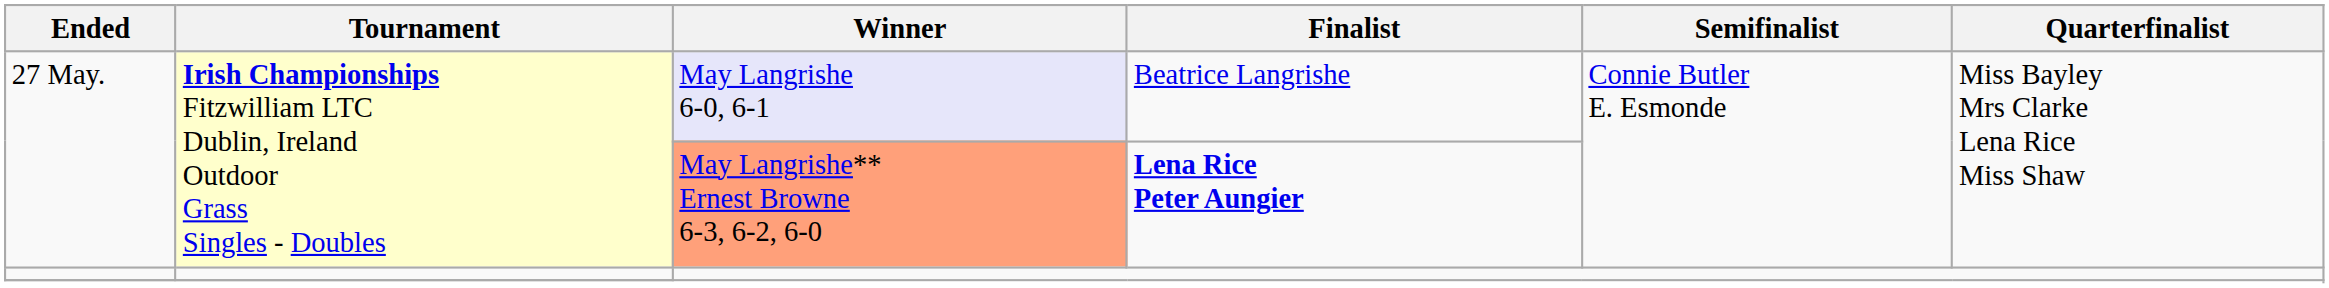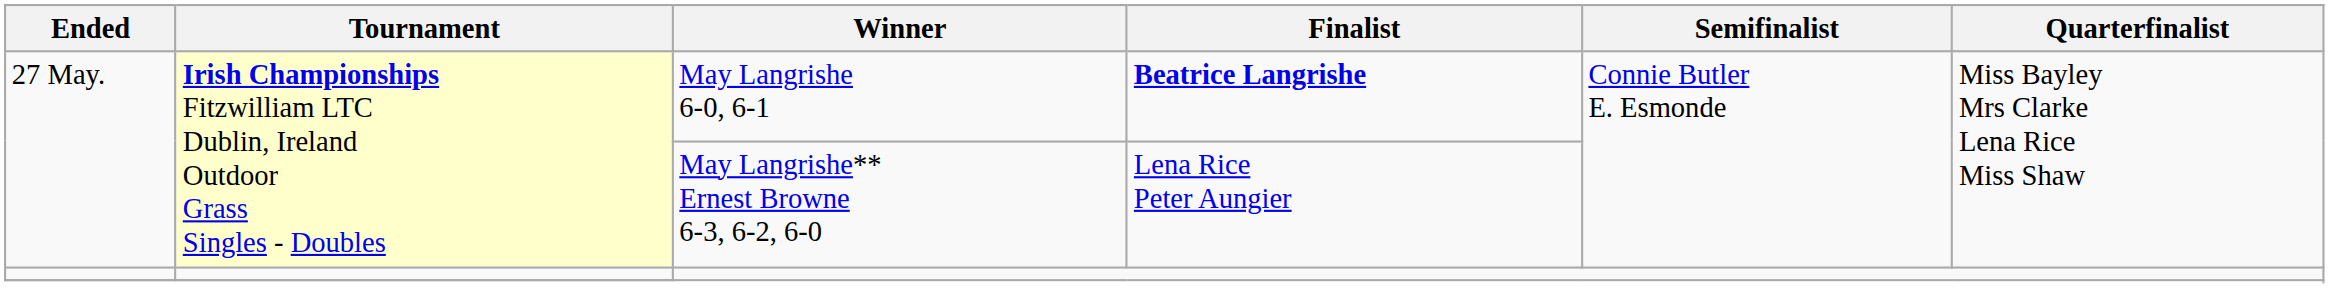 <table class="wikitable" style="font-size:85%;">
 <tr>
 <th width="75">Ended</th>
 <th width="230">Tournament</th>
 <th width="210">Winner</th>
 <th width="210">Finalist</th>
 <th width="170">Semifinalist</th>
 <th width="170">Quarterfinalist</th>
 </tr>
 <tr valign=top>
 <td rowspan=2>27 May.</td>
 <td style="background:#ffc;" rowspan=2><strong><a href='#'>Irish Championships</a></strong><br>Fitzwilliam LTC<br>Dublin, Ireland<br>Outdoor<br><a href='#'>Grass</a><br><a href='#'>Singles</a> - <a href='#'>Doubles</a></td>
-<td style="background: lavender;"> <a href='#'>May Langrishe</a><br>6-0, 6-1</td>
-<td> <a href='#'>Beatrice Langrishe</a></td>
+<td> <a href='#'>May Langrishe</a><br>6-0, 6-1</td>
+<td><strong> <a href='#'>Beatrice Langrishe</a></strong></td>
 <td rowspan=2> <a href='#'>Connie Butler</a><br> E. Esmonde</td>
 <td rowspan=2> Miss Bayley<br> Mrs Clarke<br> Lena Rice<br> Miss Shaw<br></td>
 </tr>
 <tr valign=top>
-<td style="background: lightsalmon;"> <a href='#'>May Langrishe</a>** <br> <a href='#'>Ernest Browne</a><br>6-3, 6-2, 6-0</td>
-<td><strong> <a href='#'>Lena Rice</a><br> <a href='#'>Peter Aungier</a></strong></td>
+<td> <a href='#'>May Langrishe</a>** <br> <a href='#'>Ernest Browne</a><br>6-3, 6-2, 6-0</td>
+<td> <a href='#'>Lena Rice</a><br> <a href='#'>Peter Aungier</a></td>
 </tr>
 <tr valign=top>
 <td></td>
 <td></td>
 </tr>
 <tr valign=top>
 </tr>
 </table>
